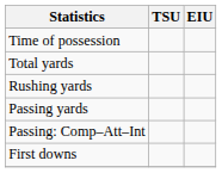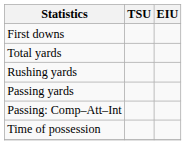 <table class="wikitable" style="float: left;">
 <tr>
 <th>Statistics</th>
 <th>TSU</th>
 <th>EIU</th>
 </tr>
 <tr>
-<td>Time of possession</td>
+<td>First downs</td>
 <td></td>
 <td></td>
 </tr>
 <tr>
 <td>Total yards</td>
 <td></td>
 <td></td>
 </tr>
 <tr>
 <td>Rushing yards</td>
 <td></td>
 <td></td>
 </tr>
 <tr>
 <td>Passing yards</td>
 <td></td>
 <td></td>
 </tr>
 <tr>
 <td>Passing: Comp–Att–Int</td>
 <td></td>
 <td></td>
 </tr>
 <tr>
-<td>First downs</td>
+<td>Time of possession</td>
 <td></td>
 <td></td>
 </tr>
 <tr>
 </tr>
 </table>
